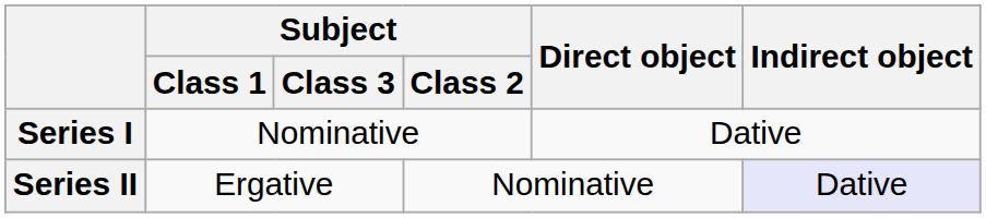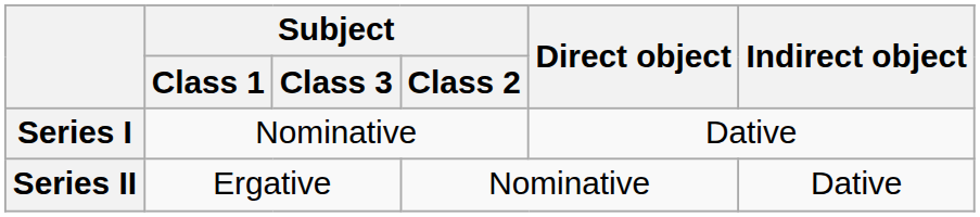 <table class="wikitable" style="text-align:center;white-space:nowrap">
 <tr>
 <th rowspan="2"></th>
 <th colspan="3">Subject</th>
 <th rowspan="2">Direct object</th>
 <th rowspan="2">Indirect object</th>
 </tr>
 <tr>
 <th>Class 1</th>
 <th>Class 3</th>
 <th>Class 2</th>
 </tr>
 <tr>
 <th>Series I</th>
 <td colspan="3">Nominative</td>
 <td colspan="2">Dative</td>
 </tr>
 <tr>
 <th>Series II</th>
 <td colspan="2">Ergative</td>
 <td colspan="2">Nominative</td>
-<td style="background: lavender;">Dative</td>
+<td>Dative</td>
 </tr>
 </table>
